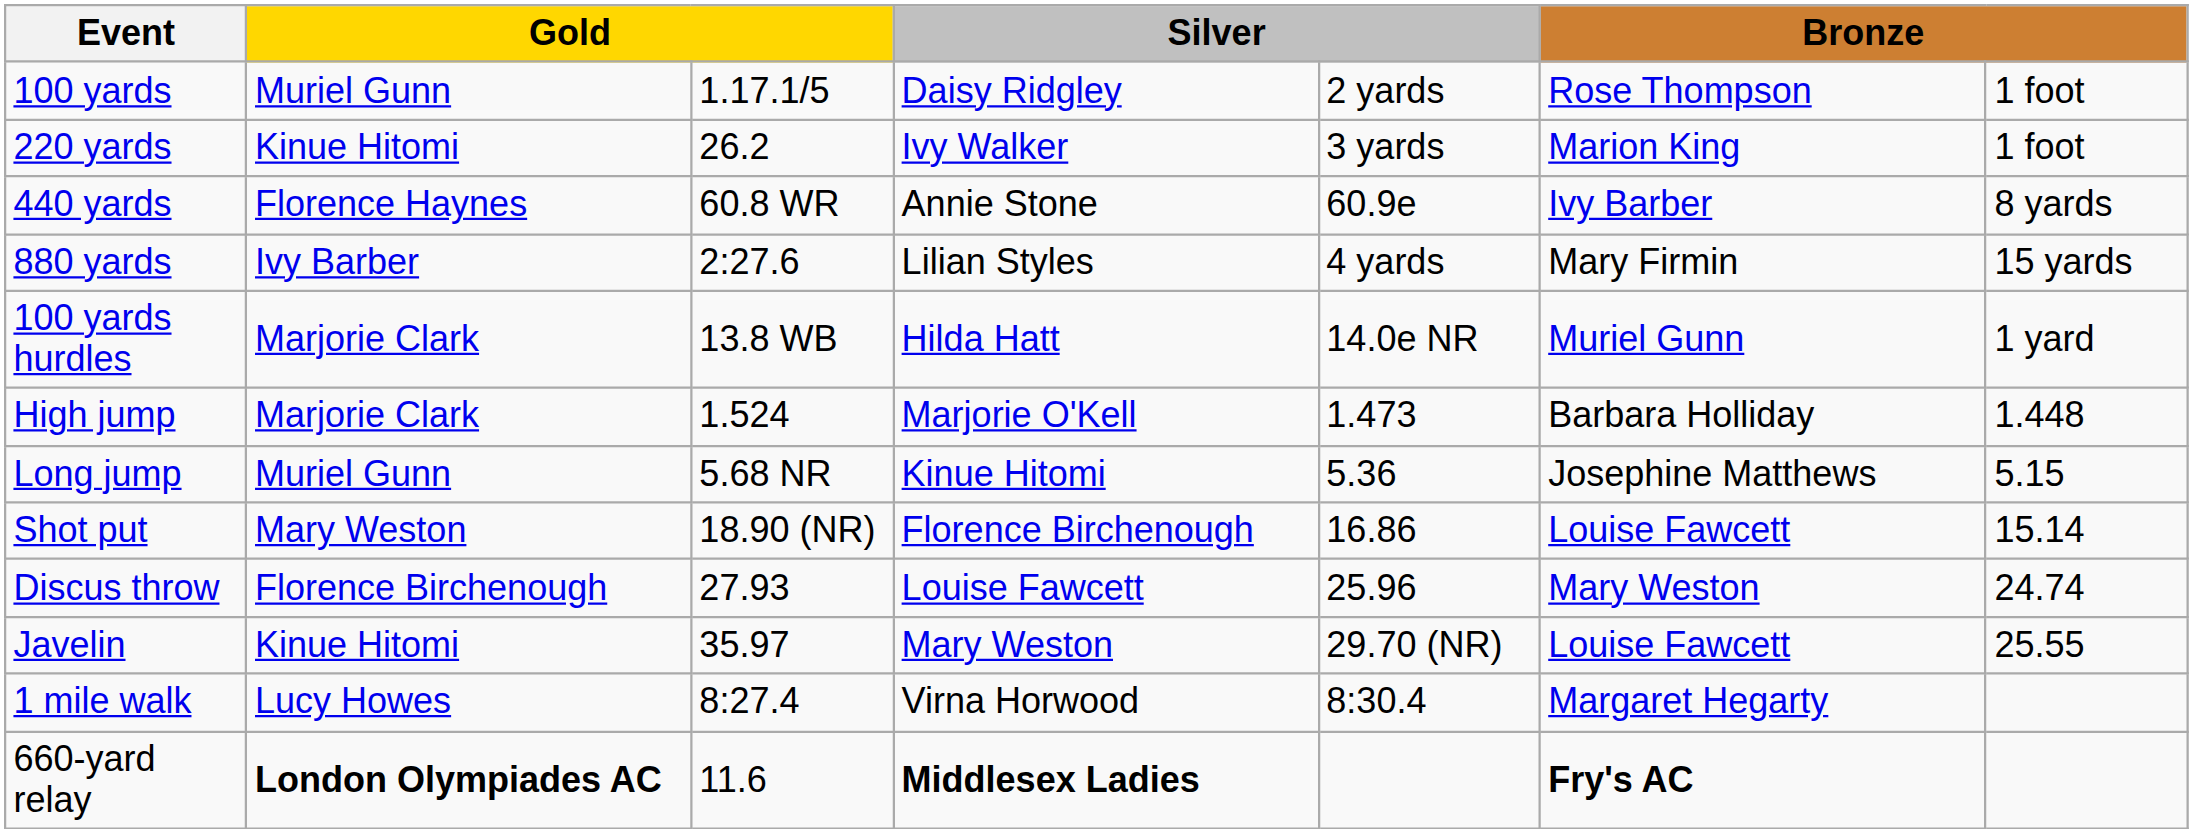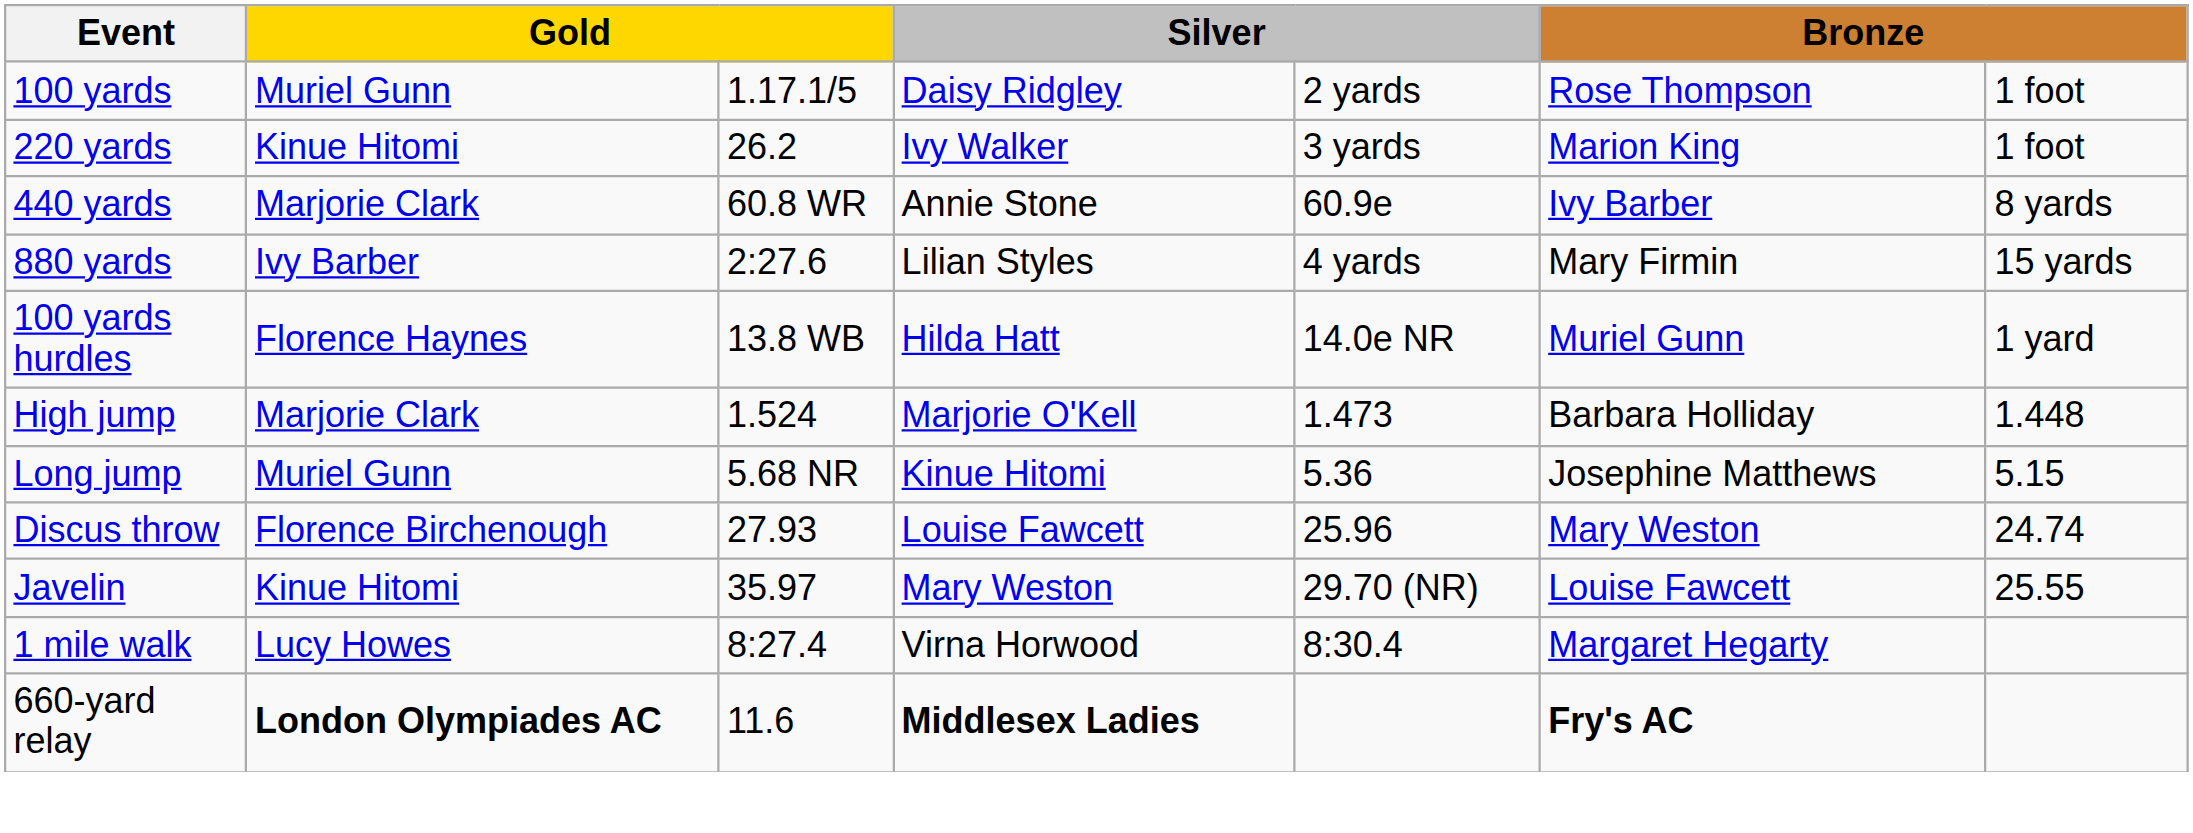 <table class="wikitable" style="text-align:left">
 <tr>
 <th width=100>Event</th>
 <th colspan="2" width="280" style="background:gold;">Gold</th>
 <th colspan="2" width="280" style="background:silver;">Silver</th>
 <th colspan="2" width="280" style="background:#CD7F32;">Bronze</th>
 </tr>
 <tr>
 <td><a href='#'>100 yards</a></td>
 <td><a href='#'>Muriel Gunn</a></td>
 <td>1.17.1/5</td>
 <td><a href='#'>Daisy Ridgley</a></td>
 <td>2 yards</td>
 <td><a href='#'>Rose Thompson</a></td>
 <td>1 foot</td>
 </tr>
 <tr>
 <td><a href='#'>220 yards</a></td>
 <td> <a href='#'>Kinue Hitomi</a></td>
 <td>26.2</td>
 <td><a href='#'>Ivy Walker</a></td>
 <td>3 yards</td>
 <td><a href='#'>Marion King</a></td>
 <td>1 foot</td>
 </tr>
 <tr>
 <td><a href='#'>440 yards</a></td>
-<td><a href='#'>Florence Haynes</a></td>
+<td> <a href='#'>Marjorie Clark</a></td>
 <td>60.8 WR</td>
 <td>Annie Stone</td>
 <td>60.9e</td>
 <td><a href='#'>Ivy Barber</a></td>
 <td>8 yards</td>
 </tr>
 <tr>
 <td><a href='#'>880 yards</a></td>
 <td><a href='#'>Ivy Barber</a></td>
 <td>2:27.6</td>
 <td>Lilian Styles</td>
 <td>4 yards</td>
 <td>Mary Firmin</td>
 <td>15 yards</td>
 </tr>
 <tr>
 <td><a href='#'>100 yards hurdles</a></td>
-<td> <a href='#'>Marjorie Clark</a></td>
+<td><a href='#'>Florence Haynes</a></td>
 <td>13.8 WB</td>
 <td><a href='#'>Hilda Hatt</a></td>
 <td>14.0e NR</td>
 <td><a href='#'>Muriel Gunn</a></td>
 <td>1 yard</td>
 </tr>
 <tr>
 <td><a href='#'>High jump</a></td>
 <td> <a href='#'>Marjorie Clark</a></td>
 <td>1.524</td>
 <td><a href='#'>Marjorie O'Kell</a></td>
 <td>1.473</td>
 <td>Barbara Holliday</td>
 <td>1.448</td>
 </tr>
 <tr>
 <td><a href='#'>Long jump</a></td>
 <td><a href='#'>Muriel Gunn</a></td>
 <td>5.68 NR</td>
 <td> <a href='#'>Kinue Hitomi</a></td>
 <td>5.36</td>
 <td>Josephine Matthews</td>
 <td>5.15</td>
-</tr>
-<tr>
-<td><a href='#'>Shot put</a></td>
-<td><a href='#'>Mary Weston</a></td>
-<td>18.90 (NR)</td>
-<td><a href='#'>Florence Birchenough</a></td>
-<td>16.86</td>
-<td><a href='#'>Louise Fawcett</a></td>
-<td>15.14</td>
 </tr>
 <tr>
 <td><a href='#'>Discus throw</a></td>
 <td><a href='#'>Florence Birchenough</a></td>
 <td>27.93</td>
 <td><a href='#'>Louise Fawcett</a></td>
 <td>25.96</td>
 <td><a href='#'>Mary Weston</a></td>
 <td>24.74</td>
 </tr>
 <tr>
 <td><a href='#'>Javelin</a></td>
 <td> <a href='#'>Kinue Hitomi</a></td>
 <td>35.97</td>
 <td><a href='#'>Mary Weston</a></td>
 <td>29.70 (NR)</td>
 <td><a href='#'>Louise Fawcett</a></td>
 <td>25.55</td>
 </tr>
 <tr>
 <td><a href='#'>1 mile walk</a></td>
 <td><a href='#'>Lucy Howes</a></td>
 <td>8:27.4</td>
 <td>Virna Horwood</td>
 <td>8:30.4</td>
 <td><a href='#'>Margaret Hegarty</a></td>
 <td></td>
 </tr>
 <tr>
 <td>660-yard relay</td>
 <td><strong>London Olympiades AC</strong></td>
 <td>11.6</td>
 <td><strong>Middlesex Ladies</strong></td>
 <td></td>
 <td><strong>Fry's AC</strong></td>
 <td></td>
 </tr>
 </table>
